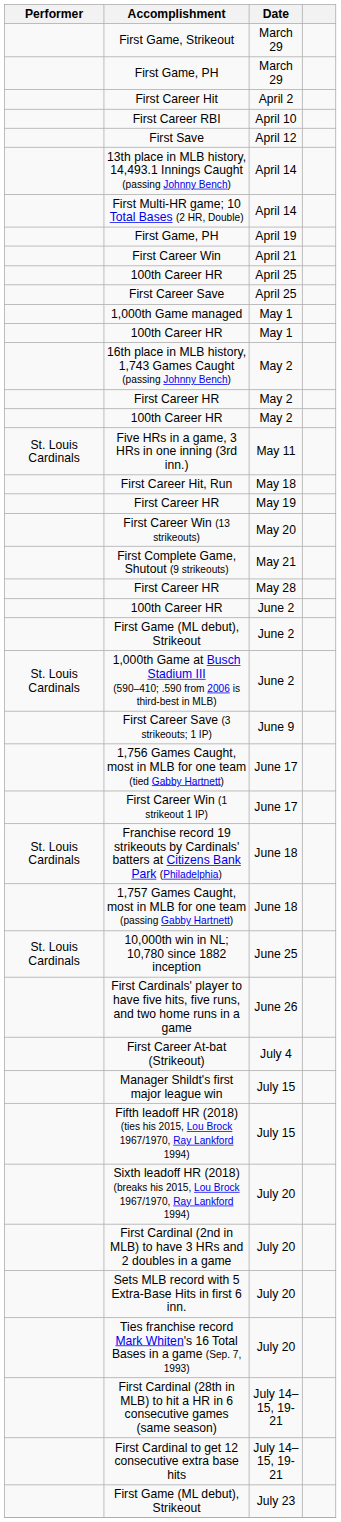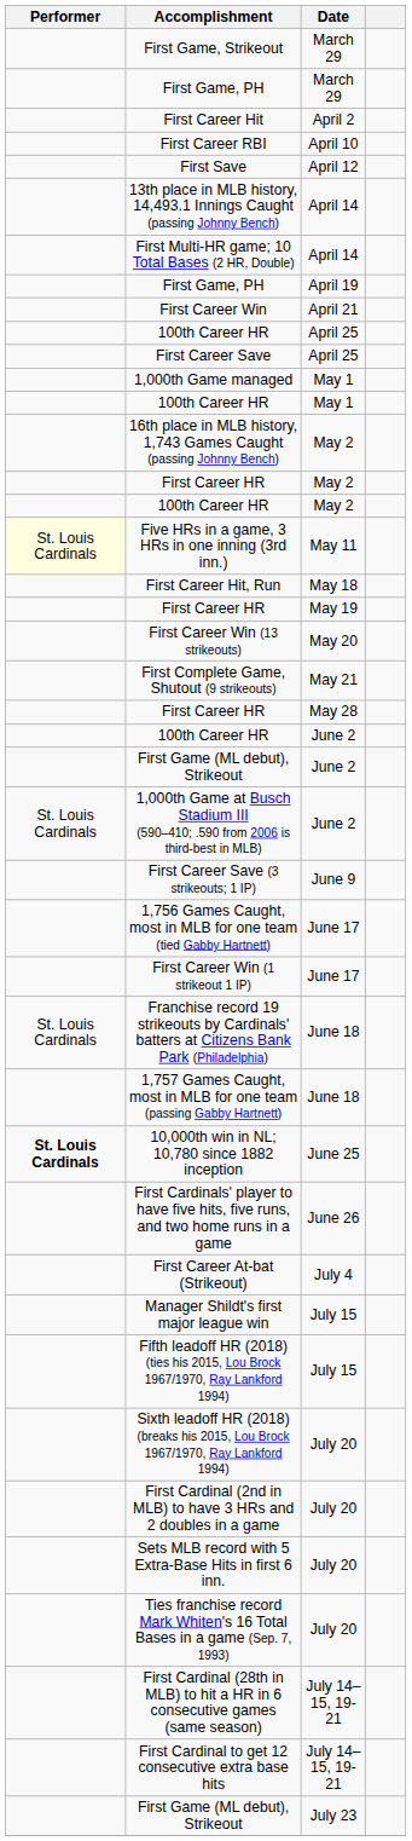 <table class="wikitable sortable" style="width:70%;">
 <tr align=center>
 <th style="width:30%;">Performer</th>
 <th style="width:44%;">Accomplishment</th>
 <th style="width:16%;" data-sort-type="date">Date</th>
 <th style="width:10%;"></th>
 </tr>
 <tr align=center>
 <td></td>
 <td>First Game, Strikeout</td>
 <td>March 29</td>
 <td></td>
 </tr>
 <tr align=center>
 <td></td>
 <td>First Game, PH</td>
 <td>March 29</td>
 <td></td>
 </tr>
 <tr align=center>
 <td></td>
 <td>First Career Hit</td>
 <td>April 2</td>
 <td></td>
 </tr>
 <tr align=center>
 <td></td>
 <td>First Career RBI</td>
 <td>April 10</td>
 <td></td>
 </tr>
 <tr align=center>
 <td></td>
 <td>First Save</td>
 <td>April 12</td>
 <td></td>
 </tr>
 <tr align=center>
 <td></td>
 <td>13th place in MLB history, 14,493.1 Innings Caught <small>(passing <a href='#'>Johnny Bench</a>)</small></td>
 <td>April 14</td>
 <td></td>
 </tr>
 <tr align=center>
 <td></td>
 <td>First Multi-HR game; 10 <a href='#'>Total Bases</a> <small>(2 HR, Double)</small></td>
 <td>April 14</td>
 <td></td>
 </tr>
 <tr align=center>
 <td></td>
 <td>First Game, PH</td>
 <td>April 19</td>
 <td></td>
 </tr>
 <tr align=center>
 <td></td>
 <td>First Career Win</td>
 <td>April 21</td>
 <td></td>
 </tr>
 <tr align=center>
 <td></td>
 <td>100th Career HR</td>
 <td>April 25</td>
 <td></td>
 </tr>
 <tr align=center>
 <td></td>
 <td>First Career Save</td>
 <td>April 25</td>
 <td></td>
 </tr>
 <tr align=center>
 <td></td>
 <td>1,000th Game managed</td>
 <td>May 1</td>
 <td></td>
 </tr>
 <tr align=center>
 <td></td>
 <td>100th Career HR</td>
 <td>May 1</td>
 <td></td>
 </tr>
 <tr align=center>
 <td></td>
 <td>16th place in MLB history, 1,743 Games Caught <small>(passing <a href='#'>Johnny Bench</a>)</small></td>
 <td>May 2</td>
 <td></td>
 </tr>
 <tr align=center>
 <td></td>
 <td>First Career HR</td>
 <td>May 2</td>
 <td></td>
 </tr>
 <tr align=center>
 <td></td>
 <td>100th Career HR</td>
 <td>May 2</td>
 <td></td>
 </tr>
 <tr align=center>
-<td>St. Louis Cardinals</td>
+<td style="background: lightyellow;">St. Louis Cardinals</td>
 <td>Five HRs in a game, 3 HRs in one inning (3rd inn.)</td>
 <td>May 11</td>
 <td></td>
 </tr>
 <tr align=center>
 <td></td>
 <td>First Career Hit, Run</td>
 <td>May 18</td>
 <td></td>
 </tr>
 <tr align=center>
 <td></td>
 <td>First Career HR</td>
 <td>May 19</td>
 <td></td>
 </tr>
 <tr align=center>
 <td></td>
 <td>First Career Win <small>(13 strikeouts)</small></td>
 <td>May 20</td>
 <td></td>
 </tr>
 <tr align=center>
 <td></td>
 <td>First Complete Game, Shutout <small>(9 strikeouts)</small></td>
 <td>May 21</td>
 <td></td>
 </tr>
 <tr align=center>
 <td></td>
 <td>First Career HR</td>
 <td>May 28</td>
 <td></td>
 </tr>
 <tr align=center>
 <td></td>
 <td>100th Career HR</td>
 <td>June 2</td>
 <td></td>
 </tr>
 <tr align=center>
 <td></td>
 <td>First Game (ML debut), Strikeout</td>
 <td>June 2</td>
 <td></td>
 </tr>
 <tr align=center>
 <td>St. Louis Cardinals</td>
 <td>1,000th Game at <a href='#'>Busch Stadium III</a> <br> <small> (590–410; .590 from <a href='#'>2006</a> is third-best in MLB)</small></td>
 <td>June 2</td>
 <td></td>
 </tr>
 <tr align=center>
 <td></td>
 <td>First Career Save <small>(3 strikeouts; 1 IP)</small></td>
 <td>June 9</td>
 <td></td>
 </tr>
 <tr align=center>
 <td></td>
 <td>1,756 Games Caught, most in MLB for one team <br> <small>(tied <a href='#'>Gabby Hartnett</a>)</small></td>
 <td>June 17</td>
 <td></td>
 </tr>
 <tr align=center>
 <td></td>
 <td>First Career Win <small>(1 strikeout 1 IP)</small></td>
 <td>June 17</td>
 <td></td>
 </tr>
 <tr align=center>
 <td>St. Louis Cardinals</td>
 <td>Franchise record 19 strikeouts by Cardinals' batters at <a href='#'>Citizens Bank Park</a> <small>(<a href='#'>Philadelphia</a>)</small></td>
 <td>June 18</td>
 <td></td>
 </tr>
 <tr align=center>
 <td></td>
 <td>1,757 Games Caught, most in MLB for one team <br> <small>(passing <a href='#'>Gabby Hartnett</a>)</small></td>
 <td>June 18</td>
 <td></td>
 </tr>
 <tr align=center>
-<td>St. Louis Cardinals</td>
+<td><strong>St. Louis Cardinals</strong></td>
 <td>10,000th win in NL; 10,780 since 1882 inception</td>
 <td>June 25</td>
 <td></td>
 </tr>
 <tr align=center>
 <td></td>
 <td>First Cardinals' player to have five hits, five runs, and two home runs in a game</td>
 <td>June 26</td>
 <td></td>
 </tr>
 <tr align=center>
 <td></td>
 <td>First Career At-bat (Strikeout)</td>
 <td>July 4</td>
 <td></td>
 </tr>
 <tr align=center>
 <td></td>
 <td>Manager Shildt's first major league win</td>
 <td>July 15</td>
 <td></td>
 </tr>
 <tr align=center>
 <td></td>
 <td>Fifth leadoff HR (2018) <br> <small>(ties his 2015, <a href='#'>Lou Brock</a> 1967/1970, <a href='#'>Ray Lankford</a> 1994)</small></td>
 <td>July 15</td>
 <td></td>
 </tr>
 <tr align=center>
 <td></td>
 <td>Sixth leadoff HR (2018) <br> <small>(breaks his 2015, <a href='#'>Lou Brock</a> 1967/1970, <a href='#'>Ray Lankford</a> 1994)</small></td>
 <td>July 20</td>
 <td></td>
 </tr>
 <tr align=center>
 <td></td>
 <td>First Cardinal (2nd in MLB) to have 3 HRs and 2 doubles in a game</td>
 <td>July 20</td>
 <td></td>
 </tr>
 <tr align=center>
 <td></td>
 <td>Sets MLB record with 5 Extra-Base Hits in first 6 inn.</td>
 <td>July 20</td>
 <td></td>
 </tr>
 <tr align=center>
 <td></td>
 <td>Ties franchise record <a href='#'>Mark Whiten</a>'s 16 Total Bases in a game <small>(Sep. 7, 1993)</small></td>
 <td>July 20</td>
 <td></td>
 </tr>
 <tr align=center>
 <td></td>
 <td>First Cardinal (28th in MLB) to hit a HR in 6 consecutive games (same season)</td>
 <td>July 14–15, 19-21</td>
 <td></td>
 </tr>
 <tr align=center>
 <td></td>
 <td>First Cardinal to get 12 consecutive extra base hits</td>
 <td>July 14–15, 19-21</td>
 <td></td>
 </tr>
 <tr align=center>
 <td></td>
 <td>First Game (ML debut), Strikeout</td>
 <td>July 23</td>
 <td></td>
 </tr>
 <tr align=center>
 </tr>
 </table>
